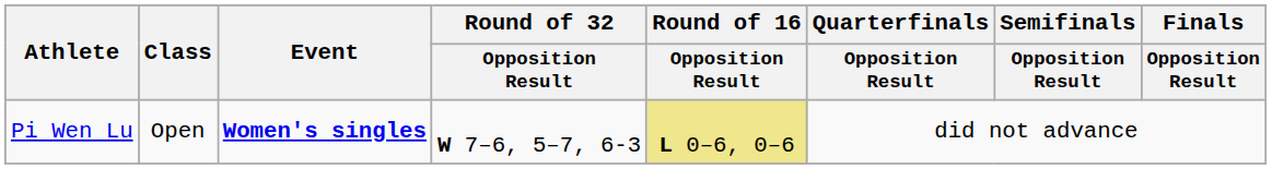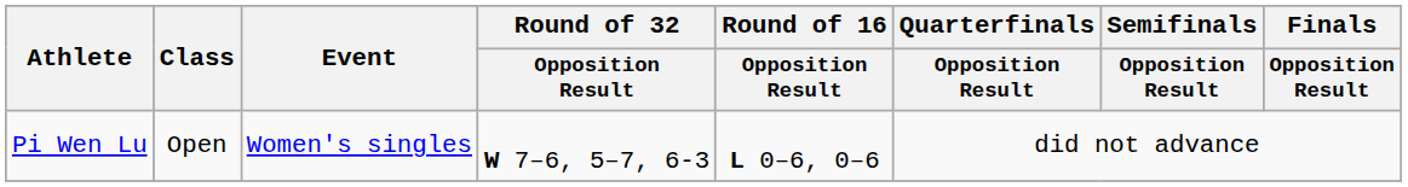 <table class=wikitable style="font-size:90%">
 <tr>
 <th rowspan="2">Athlete</th>
 <th rowspan="2">Class</th>
 <th rowspan="2">Event</th>
 <th>Round of 32</th>
 <th>Round of 16</th>
 <th>Quarterfinals</th>
 <th>Semifinals</th>
 <th>Finals</th>
 </tr>
 <tr>
 <th style="line-height:1em"><small>Opposition<br>Result</small></th>
 <th style="line-height:1em"><small>Opposition<br>Result</small></th>
 <th style="line-height:1em"><small>Opposition<br>Result</small></th>
 <th style="line-height:1em"><small>Opposition<br>Result</small></th>
 <th style="line-height:1em"><small>Opposition<br>Result</small></th>
 </tr>
 <tr>
 <td><a href='#'>Pi Wen Lu</a></td>
 <td style="text-align:center;">Open</td>
-<td><strong><a href='#'>Women's singles</a></strong></td>
+<td><a href='#'>Women's singles</a></td>
 <td style="text-align:center;"><br><strong>W</strong> 7–6, 5–7, 6-3</td>
-<td style="background: khaki; text-align:center;"><br><strong>L</strong> 0–6, 0–6</td>
+<td style="text-align:center;"><br><strong>L</strong> 0–6, 0–6</td>
 <td style="text-align:center;" colspan="3">did not advance</td>
 </tr>
 </table>
